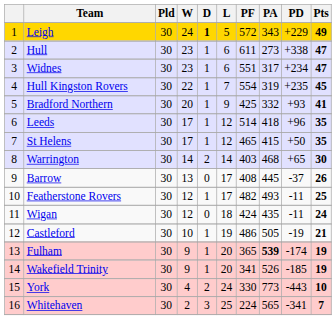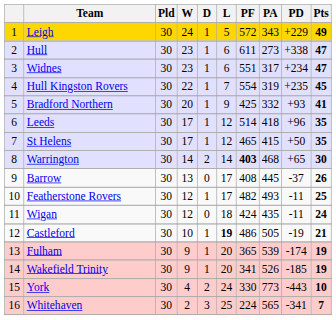 <table class="wikitable" style="text-align:center;">
 <tr>
 <th width=20 abbr="Position"></th>
 <th width=175>Team</th>
 <th width=20 abbr="Played">Pld</th>
 <th width=20 abbr="Won">W</th>
 <th width=20 abbr="Drawn">D</th>
 <th width=20 abbr="Lost">L</th>
 <th width=20 abbr="Points for">PF</th>
 <th width=20 abbr="Points against">PA</th>
 <th width=20 abbr="Points difference">PD</th>
 <th width=20 abbr="Points">Pts</th>
 </tr>
 <tr>
 </tr>
 <tr align=center style="background:#FFD700;">
 <td>1</td>
 <td style="text-align:left;"><a href='#'>Leigh</a></td>
 <td>30</td>
 <td>24</td>
-<td><strong>1</strong></td>
+<td>1</td>
 <td>5</td>
 <td>572</td>
 <td>343</td>
 <td>+229</td>
 <td><strong>49</strong></td>
 </tr>
 <tr --->
 </tr>
 <tr align=center style="background:#e1e1ff;">
 <td>2</td>
 <td style="text-align:left;"><a href='#'>Hull</a></td>
 <td>30</td>
 <td>23</td>
 <td>1</td>
 <td>6</td>
 <td>611</td>
 <td>273</td>
 <td>+338</td>
 <td><strong>47</strong></td>
 </tr>
 <tr --->
 </tr>
 <tr align=center style="background:#e1e1ff;">
 <td>3</td>
 <td style="text-align:left;"><a href='#'>Widnes</a></td>
 <td>30</td>
 <td>23</td>
 <td>1</td>
 <td>6</td>
 <td>551</td>
 <td>317</td>
 <td>+234</td>
 <td><strong>47</strong></td>
 </tr>
 <tr --->
 </tr>
 <tr align=center style="background:#e1e1ff;">
 <td>4</td>
 <td style="text-align:left;"><a href='#'>Hull Kingston Rovers</a></td>
 <td>30</td>
 <td>22</td>
 <td>1</td>
 <td>7</td>
 <td>554</td>
 <td>319</td>
 <td>+235</td>
 <td><strong>45</strong></td>
 </tr>
 <tr --->
 </tr>
 <tr align=center style="background:#e1e1ff;">
 <td>5</td>
 <td style="text-align:left;"><a href='#'>Bradford Northern</a></td>
 <td>30</td>
 <td>20</td>
 <td>1</td>
 <td>9</td>
 <td>425</td>
 <td>332</td>
 <td>+93</td>
 <td><strong>41</strong></td>
 </tr>
 <tr --->
 </tr>
 <tr align=center style="background:#e1e1ff;">
 <td>6</td>
 <td style="text-align:left;"><a href='#'>Leeds</a></td>
 <td>30</td>
 <td>17</td>
 <td>1</td>
 <td>12</td>
 <td>514</td>
 <td>418</td>
 <td>+96</td>
 <td><strong>35</strong></td>
 </tr>
 <tr --->
 </tr>
 <tr align=center style="background:#e1e1ff;">
 <td>7</td>
 <td style="text-align:left;"><a href='#'>St Helens</a></td>
 <td>30</td>
 <td>17</td>
 <td>1</td>
 <td>12</td>
 <td>465</td>
 <td>415</td>
 <td>+50</td>
 <td><strong>35</strong></td>
 </tr>
 <tr --->
 </tr>
 <tr align=center style="background:#e1e1ff;">
 <td>8</td>
 <td style="text-align:left;"><a href='#'>Warrington</a></td>
 <td>30</td>
 <td>14</td>
 <td>2</td>
 <td>14</td>
-<td>403</td>
+<td><strong>403</strong></td>
 <td>468</td>
 <td>+65</td>
 <td><strong>30</strong></td>
 </tr>
 <tr --->
 </tr>
 <tr align=center style="background:">
 <td>9</td>
 <td style="text-align:left;"><a href='#'>Barrow</a></td>
 <td>30</td>
 <td>13</td>
 <td>0</td>
 <td>17</td>
 <td>408</td>
 <td>445</td>
 <td>-37</td>
 <td><strong>26</strong></td>
 </tr>
 <tr --->
 </tr>
 <tr align=center style="background:">
 <td>10</td>
 <td style="text-align:left;"><a href='#'>Featherstone Rovers</a></td>
 <td>30</td>
 <td>12</td>
 <td>1</td>
 <td>17</td>
 <td>482</td>
 <td>493</td>
 <td>-11</td>
 <td><strong>25</strong></td>
 </tr>
 <tr --->
 </tr>
 <tr align=center style="background:">
 <td>11</td>
 <td style="text-align:left;"><a href='#'>Wigan</a></td>
 <td>30</td>
 <td>12</td>
 <td>0</td>
 <td>18</td>
 <td>424</td>
 <td>435</td>
 <td>-11</td>
 <td><strong>24</strong></td>
 </tr>
 <tr --->
 </tr>
 <tr align=center style="background:">
 <td>12</td>
 <td style="text-align:left;"><a href='#'>Castleford</a></td>
 <td>30</td>
 <td>10</td>
 <td>1</td>
-<td>19</td>
+<td><strong>19</strong></td>
 <td>486</td>
 <td>505</td>
 <td>-19</td>
 <td><strong>21</strong></td>
 </tr>
 <tr --->
 </tr>
 <tr align=center style="background:#FFCCCC">
 <td>13</td>
 <td style="text-align:left;"><a href='#'>Fulham</a></td>
 <td>30</td>
 <td>9</td>
 <td>1</td>
 <td>20</td>
 <td>365</td>
-<td><strong>539</strong></td>
+<td>539</td>
 <td>-174</td>
 <td><strong>19</strong></td>
 </tr>
 <tr --->
 </tr>
 <tr align=center style="background:#FFCCCC">
 <td>14</td>
 <td style="text-align:left;"><a href='#'>Wakefield Trinity</a></td>
 <td>30</td>
 <td>9</td>
 <td>1</td>
 <td>20</td>
 <td>341</td>
 <td>526</td>
 <td>-185</td>
 <td><strong>19</strong></td>
 </tr>
 <tr --->
 </tr>
 <tr align=center style="background:#FFCCCC">
 <td>15</td>
 <td style="text-align:left;"><a href='#'>York</a></td>
 <td>30</td>
 <td>4</td>
 <td>2</td>
 <td>24</td>
 <td>330</td>
 <td>773</td>
 <td>-443</td>
 <td><strong>10</strong></td>
 </tr>
 <tr --->
 </tr>
 <tr align=center style="background:#FFCCCC">
 <td>16</td>
 <td style="text-align:left;"><a href='#'>Whitehaven</a></td>
 <td>30</td>
 <td>2</td>
 <td>3</td>
 <td>25</td>
 <td>224</td>
 <td>565</td>
 <td>-341</td>
 <td><strong>7</strong></td>
 </tr>
 <tr --->
 </tr>
 </table>
